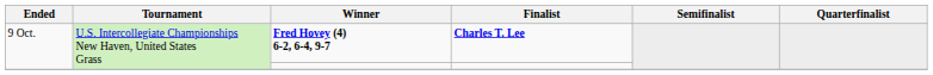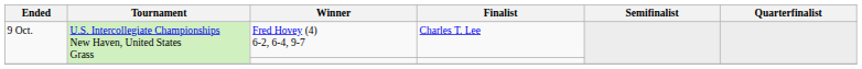 <table class="wikitable" style="font-size:85%;">
 <tr>
 <th width="75">Ended</th>
 <th width="230">Tournament</th>
 <th width="210">Winner</th>
 <th width="210">Finalist</th>
 <th width="170">Semifinalist</th>
 <th width="170">Quarterfinalist</th>
 </tr>
 <tr valign=top>
 <td rowspan=2>9 Oct.</td>
 <td style="background:#d0f0c0" rowspan=2><a href='#'>U.S. Intercollegiate Championships</a><br>New Haven, United States<br>Grass</td>
-<td><strong> <a href='#'>Fred Hovey</a> (4) <br>6-2, 6-4, 9-7</strong></td>
-<td><strong> <a href='#'>Charles T. Lee</a></strong></td>
+<td> <a href='#'>Fred Hovey</a> (4) <br>6-2, 6-4, 9-7</td>
+<td> <a href='#'>Charles T. Lee</a></td>
 <td style="background:#ededed;" rowspan=2></td>
 <td style="background:#ededed;" rowspan=2></td>
 </tr>
 <tr valign=top>
 <td></td>
 <td></td>
 </tr>
 <tr valign=top>
 </tr>
 </table>
